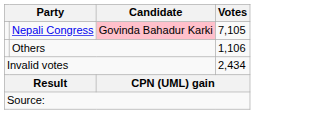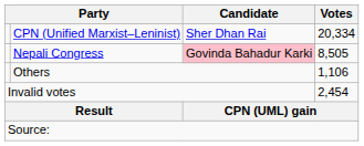 <table class="wikitable">
 <tr>
 <th colspan="2">Party</th>
 <th>Candidate</th>
 <th>Votes</th>
 </tr>
 <tr>
 <td style="background-color:"></td>
+<td><a href='#'>CPN (Unified Marxist–Leninist)</a></td>
+<td><a href='#'>Sher Dhan Rai</a></td>
+<td>20,334</td>
+</tr>
+<tr>
+<td style="background-color:"></td>
 <td><a href='#'>Nepali Congress</a></td>
 <td style="background: pink;">Govinda Bahadur Karki</td>
-<td>7,105</td>
+<td>8,505</td>
 </tr>
 <tr>
 <td></td>
 <td colspan="2">Others</td>
 <td>1,106</td>
 </tr>
 <tr>
 <td colspan="3">Invalid votes</td>
-<td>2,434</td>
+<td>2,454</td>
 </tr>
 <tr>
 <th colspan="2">Result</th>
 <th colspan="2">CPN (UML) gain</th>
 </tr>
 <tr>
 <td colspan="4">Source: </td>
 </tr>
 </table>
